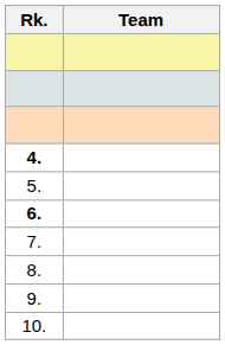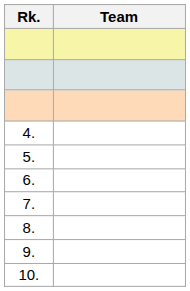 <table class="wikitable" style="border:1px solid #AAAAAA;font-size:90%">
 <tr bgcolor="#E4E4E4">
 <th style="border-bottom:1px solid #AAAAAA" width=40>Rk.</th>
 <th style="border-bottom:1px solid #AAAAAA" width=120>Team</th>
 </tr>
 <tr bgcolor="#F7F6A8">
 <td align="center" style="height:23px"></td>
 <td><strong></strong></td>
 </tr>
 <tr bgcolor="#DCE5E5">
 <td align="center" style="height:23px"></td>
 <td></td>
 </tr>
 <tr bgcolor="#FFDAB9">
 <td align="center" style="height:23px"></td>
 <td></td>
 </tr>
 <tr style="background:#ffffff;">
-<td align="center"><strong>4.</strong></td>
+<td align="center">4.</td>
 <td></td>
 </tr>
 <tr style="background:#ffffff;">
 <td align="center">5.</td>
 <td></td>
 </tr>
 <tr style="background:#ffffff;">
-<td align="center"><strong>6.</strong></td>
+<td align="center">6.</td>
 <td></td>
 </tr>
 <tr style="background:#ffffff;">
 <td align="center">7.</td>
 <td></td>
 </tr>
 <tr style="background:#ffffff;">
 <td align="center">8.</td>
 <td></td>
 </tr>
 <tr style="background:#ffffff;">
 <td align="center">9.</td>
 <td></td>
 </tr>
 <tr style="background:#ffffff;">
 <td align="center">10.</td>
 <td></td>
 </tr>
 </table>
